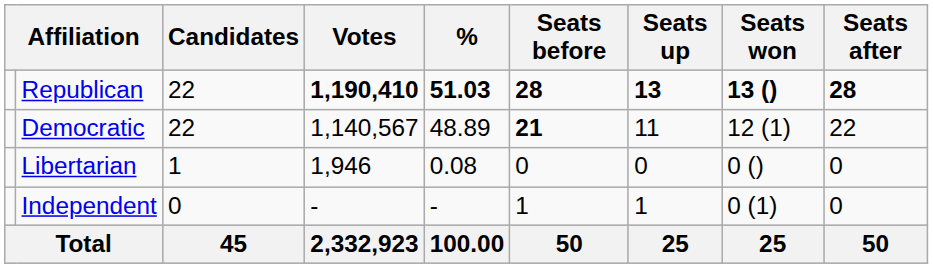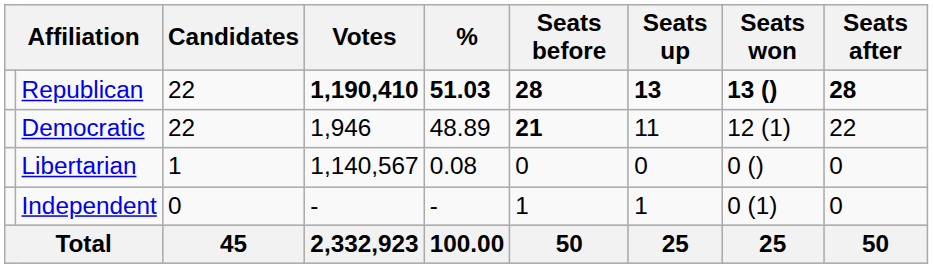 <table class="wikitable">
 <tr>
 <th colspan="2">Affiliation</th>
 <th>Candidates</th>
 <th>Votes</th>
 <th>%</th>
 <th>Seats before</th>
 <th>Seats up</th>
 <th>Seats won</th>
 <th>Seats after</th>
 </tr>
 <tr>
 <td style="background-color:"></td>
 <td><a href='#'>Republican</a></td>
 <td>22</td>
 <td><strong>1,190,410</strong></td>
 <td><strong>51.03</strong></td>
 <td><strong>28</strong></td>
 <td><strong>13</strong></td>
 <td><strong>13 ()</strong></td>
 <td><strong>28</strong></td>
 </tr>
 <tr>
 <td style="background-color:"></td>
 <td><a href='#'>Democratic</a></td>
 <td>22</td>
-<td>1,140,567</td>
+<td>1,946</td>
 <td>48.89</td>
 <td><strong>21</strong></td>
 <td>11</td>
 <td>12 (1)</td>
 <td>22</td>
 </tr>
 <tr>
 <td style="background-color:"></td>
 <td><a href='#'>Libertarian</a></td>
 <td>1</td>
-<td>1,946</td>
+<td>1,140,567</td>
 <td>0.08</td>
 <td>0</td>
 <td>0</td>
 <td>0 ()</td>
 <td>0</td>
 </tr>
 <tr>
 <td style="background-color:"></td>
 <td><a href='#'>Independent</a></td>
 <td>0</td>
 <td>-</td>
 <td>-</td>
 <td>1</td>
 <td>1</td>
 <td>0 (1)</td>
 <td>0</td>
 </tr>
 <tr>
 <th colspan="2">Total</th>
 <th>45</th>
 <th>2,332,923</th>
 <th>100.00</th>
 <th>50</th>
 <th>25</th>
 <th>25</th>
 <th>50</th>
 </tr>
 </table>
